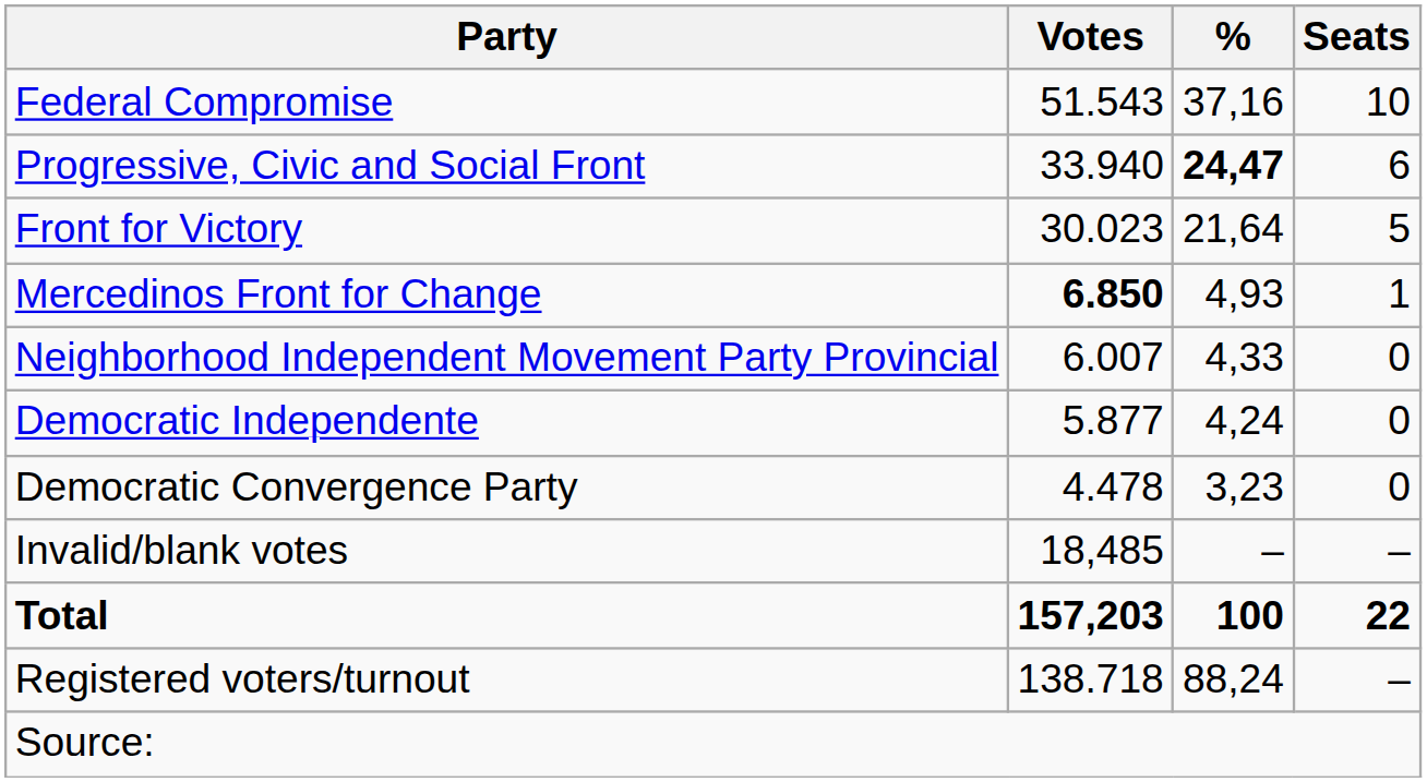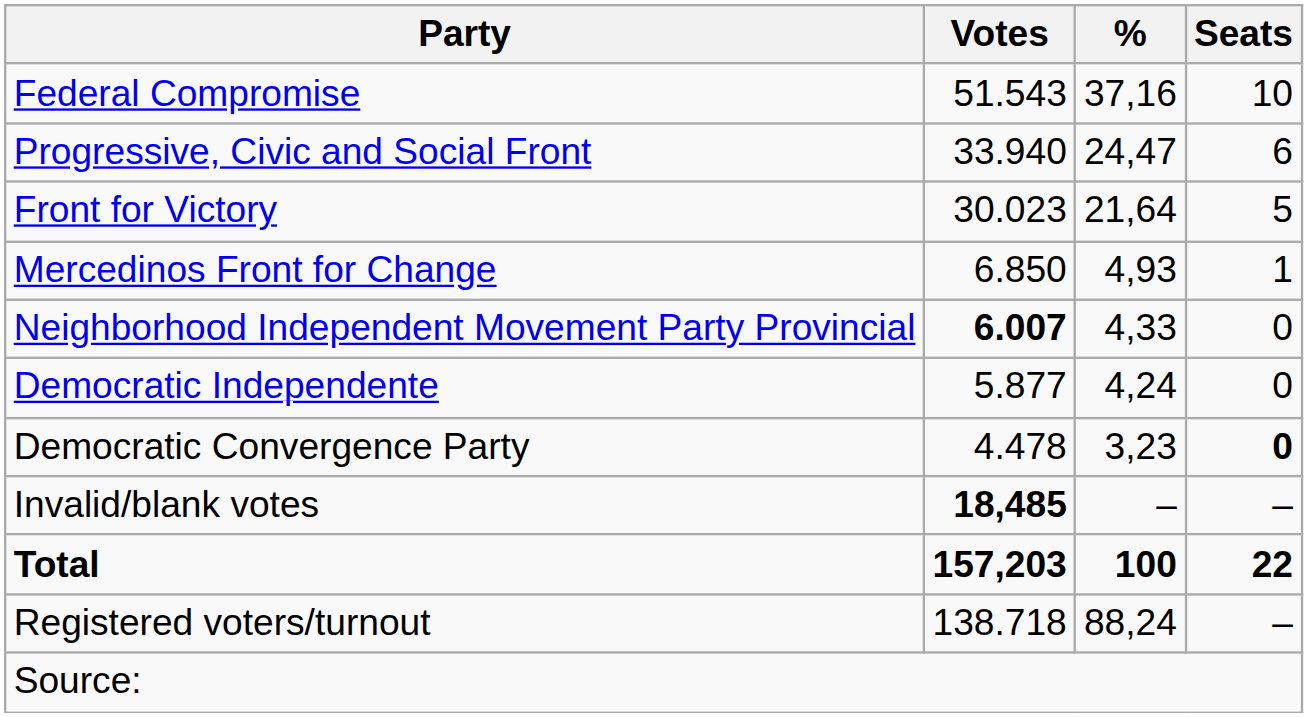 <table class=wikitable style=text-align:right>
 <tr>
 <th>Party</th>
 <th>Votes</th>
 <th>%</th>
 <th>Seats</th>
 </tr>
 <tr>
 <td align=left><a href='#'>Federal Compromise</a></td>
 <td>51.543</td>
 <td>37,16</td>
 <td>10</td>
 </tr>
 <tr>
 <td align=left><a href='#'>Progressive, Civic and Social Front</a></td>
 <td>33.940</td>
-<td><strong>24,47</strong></td>
+<td>24,47</td>
 <td>6</td>
 </tr>
 <tr>
 <td align=left><a href='#'>Front for Victory</a></td>
 <td>30.023</td>
 <td>21,64</td>
 <td>5</td>
 </tr>
 <tr>
 <td align=left><a href='#'>Mercedinos Front for Change</a></td>
-<td><strong>6.850</strong></td>
+<td>6.850</td>
 <td>4,93</td>
 <td>1</td>
 </tr>
 <tr>
 <td align=left><a href='#'>Neighborhood Independent Movement Party Provincial</a></td>
-<td>6.007</td>
+<td><strong>6.007</strong></td>
 <td>4,33</td>
 <td>0</td>
 </tr>
 <tr>
 <td align=left><a href='#'>Democratic Independente</a></td>
 <td>5.877</td>
 <td>4,24</td>
 <td>0</td>
 </tr>
 <tr>
 <td align=left>Democratic Convergence Party</td>
 <td>4.478</td>
 <td>3,23</td>
-<td>0</td>
+<td><strong>0</strong></td>
 </tr>
 <tr>
 <td align=left>Invalid/blank votes</td>
-<td>18,485</td>
+<td><strong>18,485</strong></td>
 <td>–</td>
 <td>–</td>
 </tr>
 <tr>
 <td align=left><strong>Total</strong></td>
 <td><strong>157,203</strong></td>
 <td><strong>100</strong></td>
 <td><strong>22</strong></td>
 </tr>
 <tr>
 <td align=left>Registered voters/turnout</td>
 <td>138.718</td>
 <td>88,24</td>
 <td>–</td>
 </tr>
 <tr>
 <td align=left colspan=5>Source: </td>
 </tr>
 </table>
